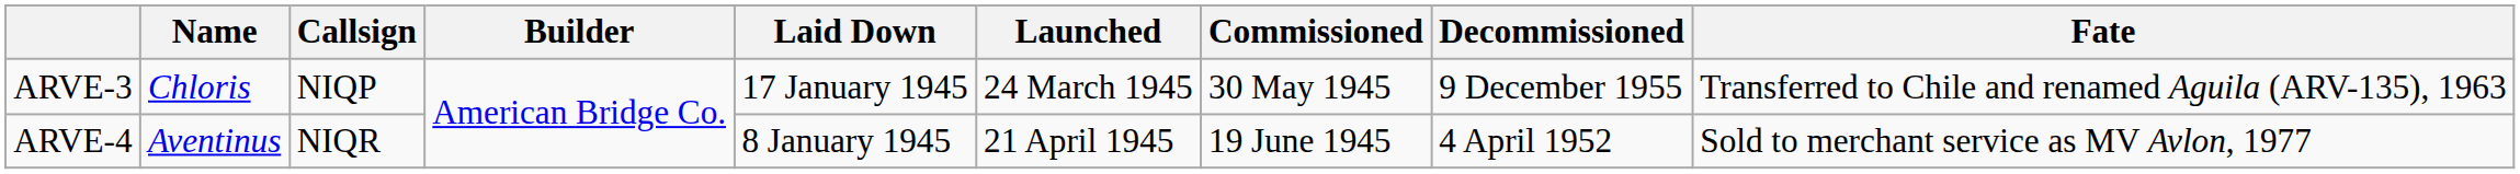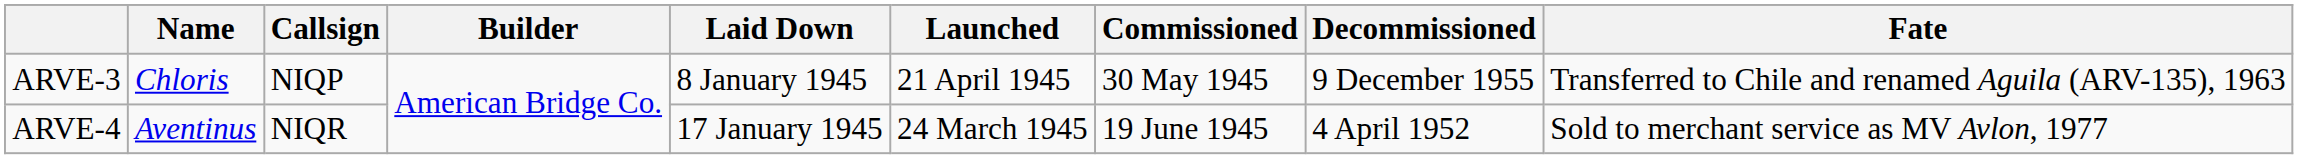 <table class="wikitable">
 <tr>
 <th></th>
 <th>Name</th>
 <th>Callsign</th>
 <th>Builder</th>
 <th>Laid Down</th>
 <th>Launched</th>
 <th>Commissioned</th>
 <th>Decommissioned</th>
 <th>Fate</th>
 </tr>
 <tr>
 <td>ARVE-3</td>
 <td><em><a href='#'>Chloris</a></em></td>
 <td>NIQP</td>
 <td rowspan="2" align="center"><a href='#'>American Bridge Co.</a></td>
-<td>17 January 1945</td>
-<td>24 March 1945</td>
+<td>8 January 1945</td>
+<td>21 April 1945</td>
 <td>30 May 1945</td>
 <td>9 December 1955</td>
 <td>Transferred to Chile and renamed <em>Aguila</em> (ARV-135), 1963</td>
 </tr>
 <tr>
 <td>ARVE-4</td>
 <td><em><a href='#'>Aventinus</a></em></td>
 <td>NIQR</td>
-<td>8 January 1945</td>
-<td>21 April 1945</td>
+<td>17 January 1945</td>
+<td>24 March 1945</td>
 <td>19 June 1945</td>
 <td>4 April 1952</td>
 <td>Sold to merchant service as MV <em>Avlon</em>, 1977</td>
 </tr>
 </table>
